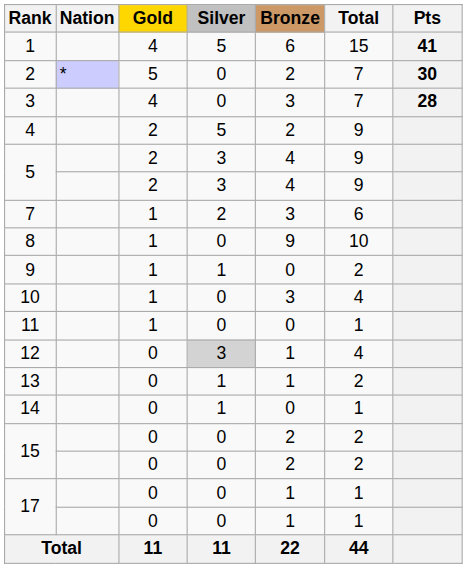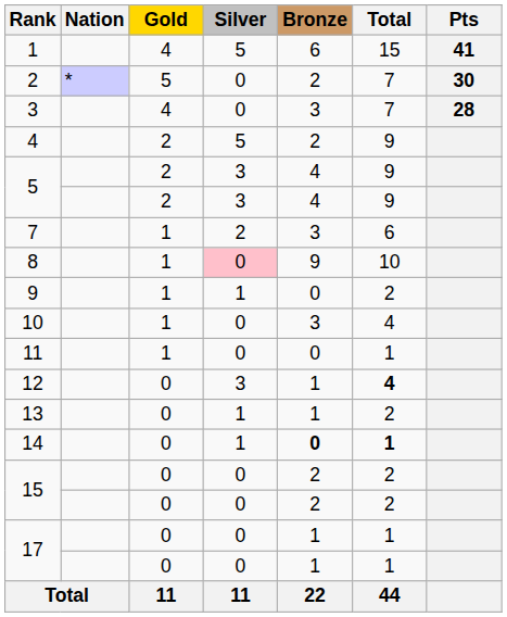 <table class="wikitable sortable" style="text-align:center">
 <tr>
 <th>Rank</th>
 <th>Nation</th>
 <th width=55 style=background:gold>Gold</th>
 <th width=55 style=background:silver>Silver</th>
 <th width=55 style=background:#cc9966>Bronze</th>
 <th width=55>Total</th>
 <th width=55>Pts</th>
 </tr>
 <tr>
 <td>1</td>
 <td align=left></td>
 <td>4</td>
 <td>5</td>
 <td>6</td>
 <td>15</td>
 <th>41</th>
 </tr>
 <tr>
 <td>2</td>
 <td bgcolor=#ccccff align=left>*</td>
 <td>5</td>
 <td>0</td>
 <td>2</td>
 <td>7</td>
 <th>30</th>
 </tr>
 <tr>
 <td>3</td>
 <td align=left></td>
 <td>4</td>
 <td>0</td>
 <td>3</td>
 <td>7</td>
 <th>28</th>
 </tr>
 <tr>
 <td>4</td>
 <td align=left></td>
 <td>2</td>
 <td>5</td>
 <td>2</td>
 <td>9</td>
 <th></th>
 </tr>
 <tr>
 <td rowspan=2>5</td>
 <td align=left></td>
 <td>2</td>
 <td>3</td>
 <td>4</td>
 <td>9</td>
 <th></th>
 </tr>
 <tr>
 <td align=left></td>
 <td>2</td>
 <td>3</td>
 <td>4</td>
 <td>9</td>
 <th></th>
 </tr>
 <tr>
 <td>7</td>
 <td align=left></td>
 <td>1</td>
 <td>2</td>
 <td>3</td>
 <td>6</td>
 <th></th>
 </tr>
 <tr>
 <td>8</td>
 <td align=left></td>
 <td>1</td>
-<td>0</td>
+<td style="background: pink;">0</td>
 <td>9</td>
 <td>10</td>
 <th></th>
 </tr>
 <tr>
 <td>9</td>
 <td align=left></td>
 <td>1</td>
 <td>1</td>
 <td>0</td>
 <td>2</td>
 <th></th>
 </tr>
 <tr>
 <td>10</td>
 <td align=left></td>
 <td>1</td>
 <td>0</td>
 <td>3</td>
 <td>4</td>
 <th></th>
 </tr>
 <tr>
 <td>11</td>
 <td align=left></td>
 <td>1</td>
 <td>0</td>
 <td>0</td>
 <td>1</td>
 <th></th>
 </tr>
 <tr>
 <td>12</td>
 <td align=left></td>
 <td>0</td>
-<td style="background: lightgrey;">3</td>
+<td>3</td>
 <td>1</td>
-<td>4</td>
+<td><strong>4</strong></td>
 <th></th>
 </tr>
 <tr>
 <td>13</td>
 <td align=left></td>
 <td>0</td>
 <td>1</td>
 <td>1</td>
 <td>2</td>
 <th></th>
 </tr>
 <tr>
 <td>14</td>
 <td align=left></td>
 <td>0</td>
 <td>1</td>
-<td>0</td>
-<td>1</td>
+<td><strong>0</strong></td>
+<td><strong>1</strong></td>
 <th></th>
 </tr>
 <tr>
 <td rowspan=2>15</td>
 <td align=left></td>
 <td>0</td>
 <td>0</td>
 <td>2</td>
 <td>2</td>
 <th></th>
 </tr>
 <tr>
 <td align=left></td>
 <td>0</td>
 <td>0</td>
 <td>2</td>
 <td>2</td>
 <th></th>
 </tr>
 <tr>
 <td rowspan=2>17</td>
 <td align=left></td>
 <td>0</td>
 <td>0</td>
 <td>1</td>
 <td>1</td>
 <th></th>
 </tr>
 <tr>
 <td align=left></td>
 <td>0</td>
 <td>0</td>
 <td>1</td>
 <td>1</td>
 <th></th>
 </tr>
 <tr>
 <th colspan="2">Total</th>
 <th>11</th>
 <th>11</th>
 <th>22</th>
 <th>44</th>
 <th></th>
 </tr>
 </table>
